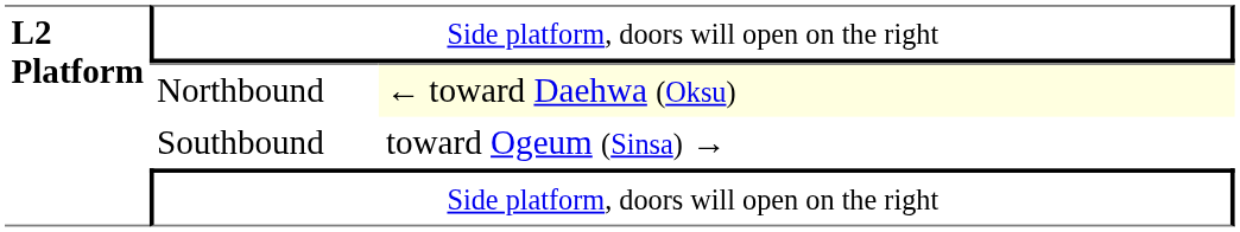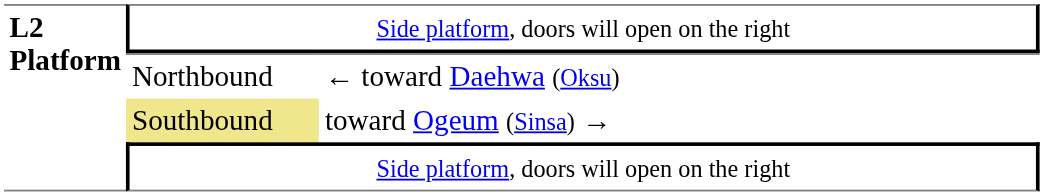 <table table border=0 cellspacing=0 cellpadding=3>
 <tr>
 <td style="border-top:solid 1px gray;border-bottom:solid 1px gray;" width=50 rowspan=10 valign=top><strong>L2<br>Platform</strong></td>
 <td style="border-top:solid 1px gray;border-right:solid 2px black;border-left:solid 2px black;border-bottom:solid 2px black;text-align:center;" colspan=2><small><a href='#'>Side platform</a>, doors will open on the right</small></td>
 </tr>
 <tr>
 <td style="border-bottom:solid 0px gray;border-top:solid 1px gray;" width=100>Northbound</td>
-<td style="background: lightyellow; border-bottom:solid 0px gray;border-top:solid 1px gray;" width=390>←  toward <a href='#'>Daehwa</a> <small>(<a href='#'>Oksu</a>)</small></td>
+<td style="border-bottom:solid 0px gray;border-top:solid 1px gray;" width=390>←  toward <a href='#'>Daehwa</a> <small>(<a href='#'>Oksu</a>)</small></td>
 </tr>
 <tr>
-<td>Southbound</td>
+<td style="background: khaki;">Southbound</td>
 <td>  toward <a href='#'>Ogeum</a> <small>(<a href='#'>Sinsa</a>)</small> →</td>
 </tr>
 <tr>
 <td style="border-top:solid 2px black;border-right:solid 2px black;border-left:solid 2px black;border-bottom:solid 1px gray;text-align:center;" colspan=2><small><a href='#'>Side platform</a>, doors will open on the right</small></td>
 </tr>
 </table>
